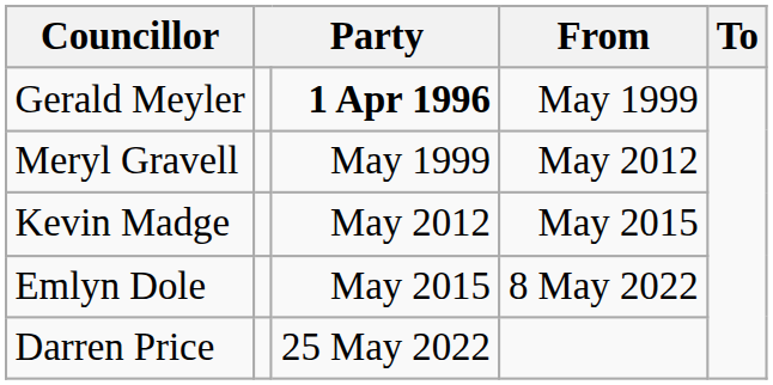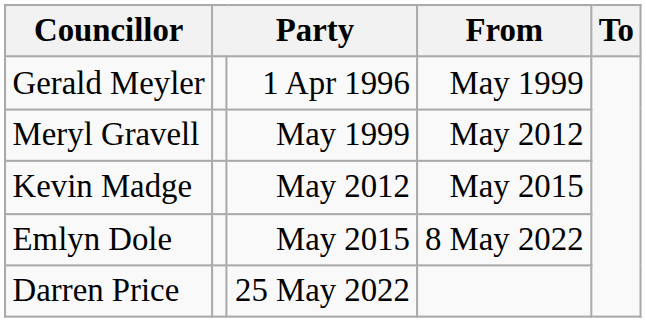 <table class=wikitable>
 <tr>
 <th>Councillor</th>
 <th colspan=2>Party</th>
 <th>From</th>
 <th>To</th>
 </tr>
 <tr>
 <td>Gerald Meyler</td>
 <td></td>
-<td align=right><strong>1 Apr 1996</strong></td>
+<td align=right>1 Apr 1996</td>
 <td align=right>May 1999</td>
 </tr>
 <tr>
 <td>Meryl Gravell</td>
 <td></td>
 <td align=right>May 1999</td>
 <td align=right>May 2012</td>
 </tr>
 <tr>
 <td>Kevin Madge</td>
 <td></td>
 <td align=right>May 2012</td>
 <td align=right>May 2015</td>
 </tr>
 <tr>
 <td>Emlyn Dole</td>
 <td></td>
 <td align=right>May 2015</td>
 <td align=right>8 May 2022</td>
 </tr>
 <tr>
 <td>Darren Price</td>
 <td></td>
 <td align=right>25 May 2022</td>
 <td align=right></td>
 </tr>
 </table>
